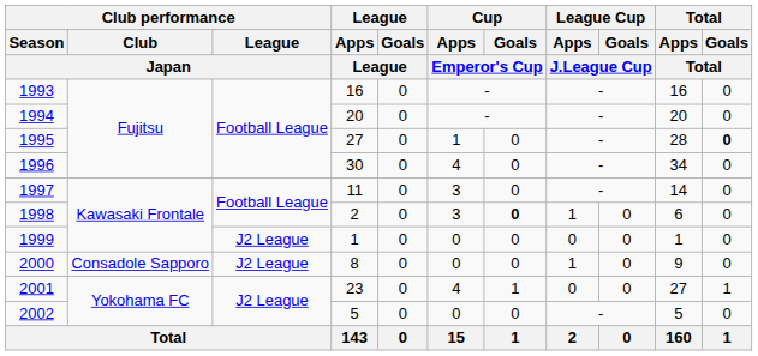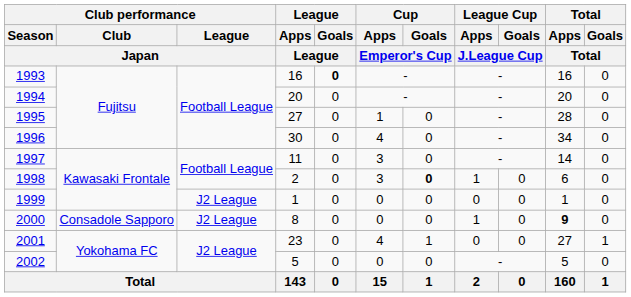 <table class="wikitable" style="text-align:center;">
 <tr>
 <th colspan=3>Club performance</th>
 <th colspan=2>League</th>
 <th colspan=2>Cup</th>
 <th colspan=2>League Cup</th>
 <th colspan=2>Total</th>
 </tr>
 <tr>
 <th>Season</th>
 <th>Club</th>
 <th>League</th>
 <th>Apps</th>
 <th>Goals</th>
 <th>Apps</th>
 <th>Goals</th>
 <th>Apps</th>
 <th>Goals</th>
 <th>Apps</th>
 <th>Goals</th>
 </tr>
 <tr>
 <th colspan=3>Japan</th>
 <th colspan=2>League</th>
 <th colspan=2><a href='#'>Emperor's Cup</a></th>
 <th colspan=2><a href='#'>J.League Cup</a></th>
 <th colspan=2>Total</th>
 </tr>
 <tr>
 <td><a href='#'>1993</a></td>
 <td rowspan="4"><a href='#'>Fujitsu</a></td>
 <td rowspan="4"><a href='#'>Football League</a></td>
 <td>16</td>
-<td>0</td>
+<td><strong>0</strong></td>
 <td colspan="2">-</td>
 <td colspan="2">-</td>
 <td>16</td>
 <td>0</td>
 </tr>
 <tr>
 <td><a href='#'>1994</a></td>
 <td>20</td>
 <td>0</td>
 <td colspan="2">-</td>
 <td colspan="2">-</td>
 <td>20</td>
 <td>0</td>
 </tr>
 <tr>
 <td><a href='#'>1995</a></td>
 <td>27</td>
 <td>0</td>
 <td>1</td>
 <td>0</td>
 <td colspan="2">-</td>
 <td>28</td>
-<td><strong>0</strong></td>
+<td>0</td>
 </tr>
 <tr>
 <td><a href='#'>1996</a></td>
 <td>30</td>
 <td>0</td>
 <td>4</td>
 <td>0</td>
 <td colspan="2">-</td>
 <td>34</td>
 <td>0</td>
 </tr>
 <tr>
 <td><a href='#'>1997</a></td>
 <td rowspan="3"><a href='#'>Kawasaki Frontale</a></td>
 <td rowspan="2"><a href='#'>Football League</a></td>
 <td>11</td>
 <td>0</td>
 <td>3</td>
 <td>0</td>
 <td colspan="2">-</td>
 <td>14</td>
 <td>0</td>
 </tr>
 <tr>
 <td><a href='#'>1998</a></td>
 <td>2</td>
 <td>0</td>
 <td>3</td>
 <td><strong>0</strong></td>
 <td>1</td>
 <td>0</td>
 <td>6</td>
 <td>0</td>
 </tr>
 <tr>
 <td><a href='#'>1999</a></td>
 <td><a href='#'>J2 League</a></td>
 <td>1</td>
 <td>0</td>
 <td>0</td>
 <td>0</td>
 <td>0</td>
 <td>0</td>
 <td>1</td>
 <td>0</td>
 </tr>
 <tr>
 <td><a href='#'>2000</a></td>
 <td><a href='#'>Consadole Sapporo</a></td>
 <td><a href='#'>J2 League</a></td>
 <td>8</td>
 <td>0</td>
 <td>0</td>
 <td>0</td>
 <td>1</td>
 <td>0</td>
-<td>9</td>
+<td><strong>9</strong></td>
 <td>0</td>
 </tr>
 <tr>
 <td><a href='#'>2001</a></td>
 <td rowspan="2"><a href='#'>Yokohama FC</a></td>
 <td rowspan="2"><a href='#'>J2 League</a></td>
 <td>23</td>
 <td>0</td>
 <td>4</td>
 <td>1</td>
 <td>0</td>
 <td>0</td>
 <td>27</td>
 <td>1</td>
 </tr>
 <tr>
 <td><a href='#'>2002</a></td>
 <td>5</td>
 <td>0</td>
 <td>0</td>
 <td>0</td>
 <td colspan="2">-</td>
 <td>5</td>
 <td>0</td>
 </tr>
 <tr>
 <th colspan=3>Total</th>
 <th>143</th>
 <th>0</th>
 <th>15</th>
 <th>1</th>
 <th>2</th>
 <th>0</th>
 <th>160</th>
 <th>1</th>
 </tr>
 </table>
